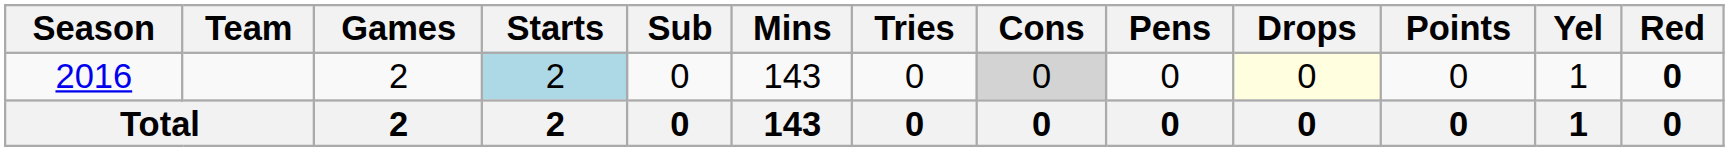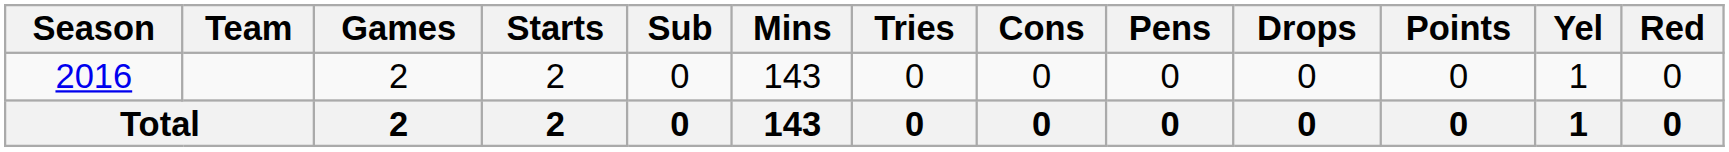 <table class="wikitable" style="text-align:center; line-height:90%; font-size:95%; width:60%;">
 <tr>
 <th>Season</th>
 <th>Team</th>
 <th>Games</th>
 <th>Starts</th>
 <th>Sub</th>
 <th>Mins</th>
 <th>Tries</th>
 <th>Cons</th>
 <th>Pens</th>
 <th>Drops</th>
 <th>Points</th>
 <th>Yel</th>
 <th>Red</th>
 </tr>
 <tr>
 <td><a href='#'>2016</a></td>
 <td></td>
 <td>2</td>
-<td style="background: lightblue;">2</td>
+<td>2</td>
 <td>0</td>
 <td>143</td>
 <td>0</td>
-<td style="background: lightgrey;">0</td>
 <td>0</td>
-<td style="background: lightyellow;">0</td>
+<td>0</td>
+<td>0</td>
 <td>0</td>
 <td>1</td>
-<td><strong>0</strong></td>
+<td>0</td>
 </tr>
 <tr>
 <th colspan="2">Total</th>
 <th>2</th>
 <th>2</th>
 <th>0</th>
 <th>143</th>
 <th>0</th>
 <th>0</th>
 <th>0</th>
 <th>0</th>
 <th>0</th>
 <th>1</th>
 <th>0</th>
 </tr>
 </table>
